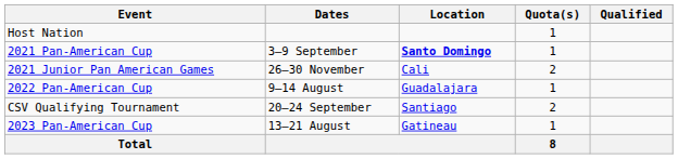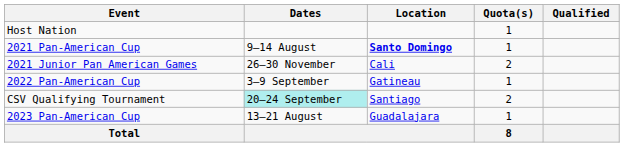 <table class="wikitable" width=760>
 <tr>
 <th>Event</th>
 <th>Dates</th>
 <th>Location</th>
 <th>Quota(s)</th>
 <th>Qualified</th>
 </tr>
 <tr>
 <td>Host Nation</td>
 <td></td>
 <td></td>
 <td align=center>1</td>
 <td></td>
 </tr>
 <tr>
 <td><a href='#'>2021 Pan-American Cup</a></td>
-<td>3–9 September</td>
+<td>9–14 August</td>
 <td><strong> <a href='#'>Santo Domingo</a></strong></td>
 <td align=center>1</td>
 <td></td>
 </tr>
 <tr>
 <td><a href='#'>2021 Junior Pan American Games</a></td>
 <td>26–30 November</td>
 <td> <a href='#'>Cali</a></td>
 <td align=center>2</td>
 <td><br></td>
 </tr>
 <tr>
 <td><a href='#'>2022 Pan-American Cup</a></td>
-<td>9–14 August</td>
-<td> <a href='#'>Guadalajara</a></td>
+<td>3–9 September</td>
+<td> <a href='#'>Gatineau</a></td>
 <td align=center>1</td>
 <td></td>
 </tr>
 <tr>
 <td>CSV Qualifying Tournament</td>
-<td>20–24 September</td>
+<td style="background: paleturquoise;">20–24 September</td>
 <td> <a href='#'>Santiago</a></td>
 <td align=center>2</td>
 <td><br></td>
 </tr>
 <tr>
 <td><a href='#'>2023 Pan-American Cup</a></td>
 <td>13–21 August</td>
-<td> <a href='#'>Gatineau</a></td>
+<td> <a href='#'>Guadalajara</a></td>
 <td align=center>1</td>
 <td><s></s><br></td>
 </tr>
 <tr>
 <th>Total</th>
 <th colspan="2"></th>
 <th>8</th>
 <th></th>
 </tr>
 </table>
